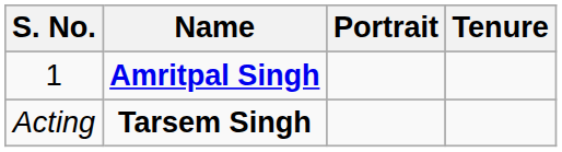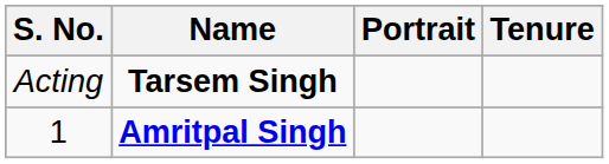 <table class="wikitable sortable" style="text-align:center; background-color:">
 <tr>
 <th style="background-color: ">S. No.</th>
 <th style="background-color: ">Name</th>
 <th style="background-color: ">Portrait</th>
 <th style="background-color: ">Tenure</th>
 </tr>
 <tr>
+<td><em>Acting</em></td>
+<td><strong>Tarsem Singh</strong></td>
+<td></td>
+<td></td>
+</tr>
+<tr>
 <td>1</td>
 <td><strong><a href='#'>Amritpal Singh</a></strong></td>
 <td></td>
 <td></td>
 </tr>
-<tr>
-<td><em>Acting</em></td>
-<td><strong>Tarsem Singh</strong></td>
-<td></td>
-<td></td>
-</tr>
 </table>
